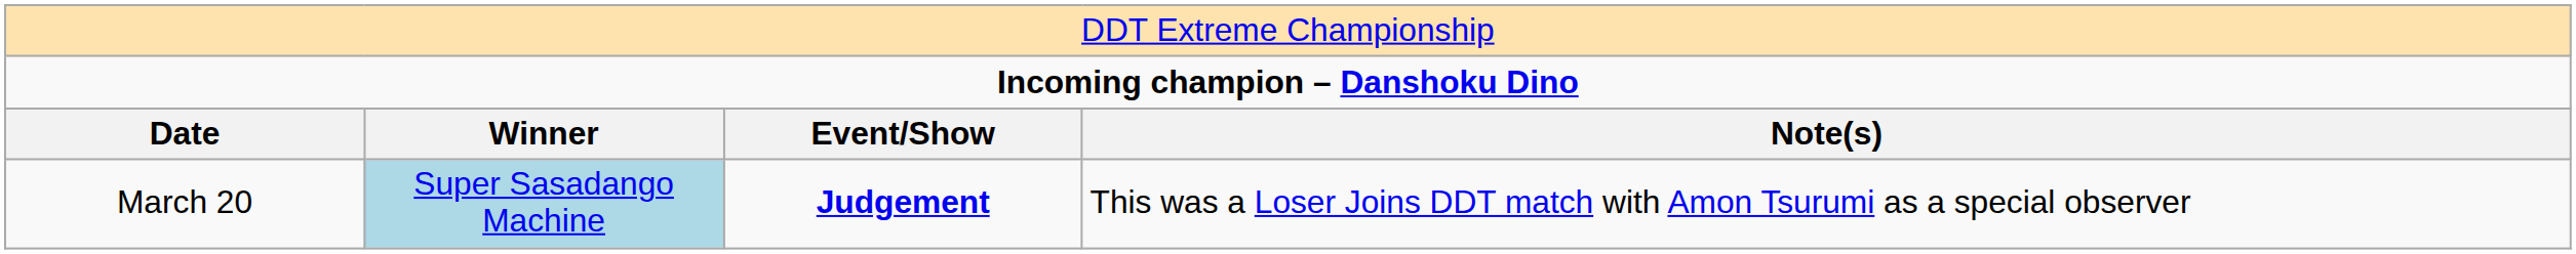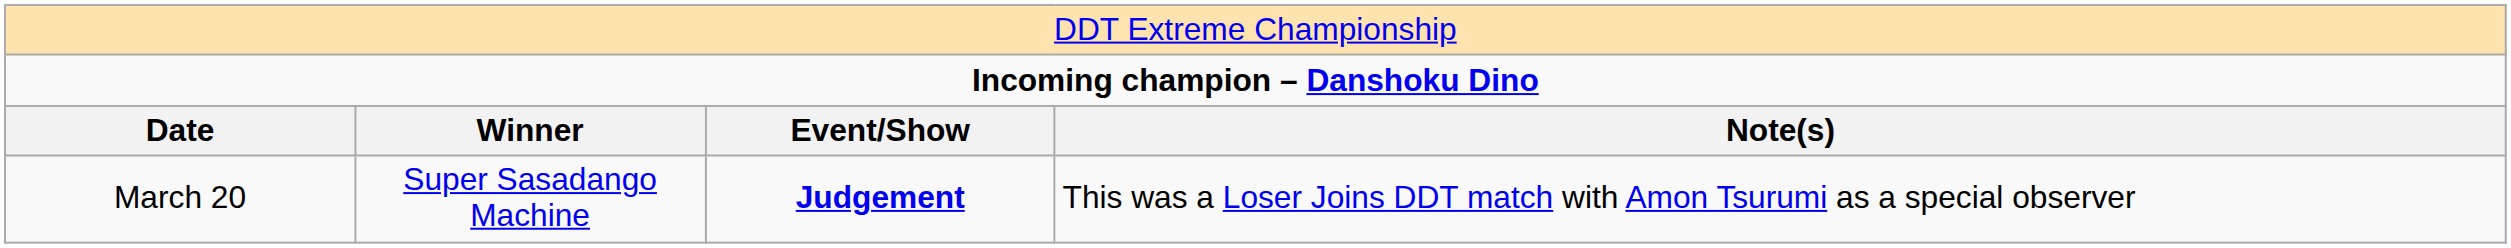 <table class="wikitable" style="text-align:center; width:100%;">
 <tr style="background:#ffe3af;">
 <td colspan="4" style="text-align: center;"><a href='#'>DDT Extreme Championship</a></td>
 </tr>
 <tr>
 <td colspan="4" style="text-align: center;"><strong>Incoming champion – <a href='#'>Danshoku Dino</a></strong></td>
 </tr>
 <tr>
 <th width=14%>Date</th>
 <th width=14%>Winner</th>
 <th width=14%>Event/Show</th>
 <th width=58%>Note(s)</th>
 </tr>
 <tr>
 <td>March 20</td>
-<td style="background: lightblue;"><a href='#'>Super Sasadango Machine</a></td>
+<td><a href='#'>Super Sasadango Machine</a></td>
 <td><strong><a href='#'>Judgement</a></strong></td>
 <td align=left>This was a <a href='#'>Loser Joins DDT match</a> with <a href='#'>Amon Tsurumi</a> as a special observer</td>
 </tr>
 </table>
